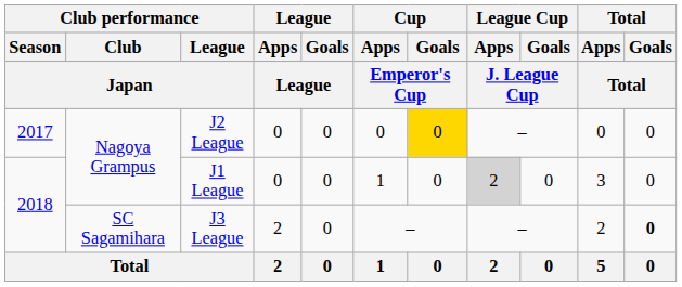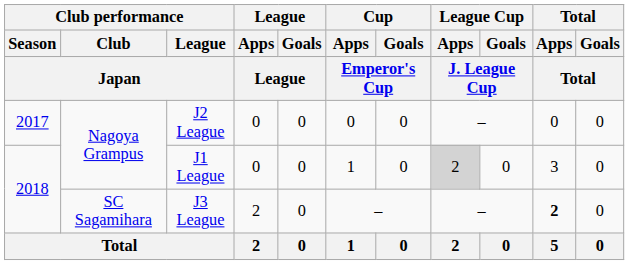 <table class="wikitable" style="text-align:center;">
 <tr>
 <th colspan=3>Club performance</th>
 <th colspan=2>League</th>
 <th colspan=2>Cup</th>
 <th colspan=2>League Cup</th>
 <th colspan=2>Total</th>
 </tr>
 <tr>
 <th>Season</th>
 <th>Club</th>
 <th>League</th>
 <th>Apps</th>
 <th>Goals</th>
 <th>Apps</th>
 <th>Goals</th>
 <th>Apps</th>
 <th>Goals</th>
 <th>Apps</th>
 <th>Goals</th>
 </tr>
 <tr>
 <th colspan=3>Japan</th>
 <th colspan=2>League</th>
 <th colspan=2><a href='#'>Emperor's Cup</a></th>
 <th colspan=2><a href='#'>J. League Cup</a></th>
 <th colspan=2>Total</th>
 </tr>
 <tr>
 <td><a href='#'>2017</a></td>
 <td rowspan="2"><a href='#'>Nagoya Grampus</a></td>
 <td><a href='#'>J2 League</a></td>
 <td>0</td>
 <td>0</td>
 <td>0</td>
-<td style="background: gold;">0</td>
+<td>0</td>
 <td colspan="2">–</td>
 <td>0</td>
 <td>0</td>
 </tr>
 <tr>
 <td rowspan="2"><a href='#'>2018</a></td>
 <td><a href='#'>J1 League</a></td>
 <td>0</td>
 <td>0</td>
 <td>1</td>
 <td>0</td>
 <td style="background: lightgrey;">2</td>
 <td>0</td>
 <td>3</td>
 <td>0</td>
 </tr>
 <tr>
 <td><a href='#'>SC Sagamihara</a></td>
 <td><a href='#'>J3 League</a></td>
 <td>2</td>
 <td>0</td>
 <td colspan="2">–</td>
 <td colspan="2">–</td>
-<td>2</td>
-<td><strong>0</strong></td>
+<td><strong>2</strong></td>
+<td>0</td>
 </tr>
 <tr>
 <th colspan=3>Total</th>
 <th>2</th>
 <th>0</th>
 <th>1</th>
 <th>0</th>
 <th>2</th>
 <th>0</th>
 <th>5</th>
 <th>0</th>
 </tr>
 </table>
